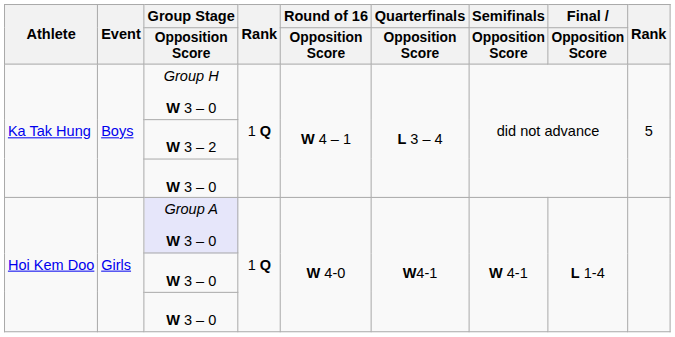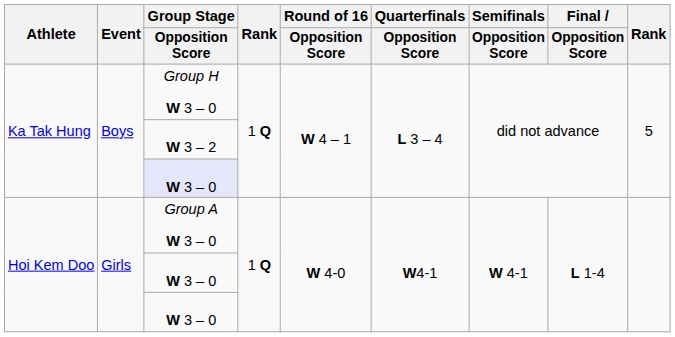 <table class=wikitable style="font-size:90%">
 <tr>
 <th rowspan="2">Athlete</th>
 <th rowspan="2">Event</th>
 <th>Group Stage</th>
 <th rowspan="2">Rank</th>
 <th>Round of 16</th>
 <th>Quarterfinals</th>
 <th>Semifinals</th>
 <th>Final / </th>
 <th rowspan=2>Rank</th>
 </tr>
 <tr style="font-size:95%">
 <th>Opposition<br>Score</th>
 <th>Opposition<br>Score</th>
 <th>Opposition<br>Score</th>
 <th>Opposition<br>Score</th>
 <th>Opposition<br>Score</th>
 </tr>
 <tr align=center>
 <td align=left rowspan=3><a href='#'>Ka Tak Hung</a></td>
 <td align=left rowspan=3><a href='#'>Boys</a></td>
 <td><em>Group H</em><br><br><strong>W</strong> 3 – 0</td>
 <td rowspan=3>1 <strong>Q</strong></td>
 <td rowspan=3><br><strong>W</strong> 4 – 1</td>
 <td rowspan=3><br><strong>L</strong> 3 – 4</td>
 <td rowspan=3 colspan=2>did not advance</td>
 <td rowspan=3>5</td>
 </tr>
 <tr align=center>
 <td><br><strong>W</strong> 3 – 2</td>
 </tr>
 <tr align=center>
-<td><br><strong>W</strong> 3 – 0</td>
+<td style="background: lavender;"><br><strong>W</strong> 3 – 0</td>
 </tr>
 <tr align=center>
 <td align=left rowspan=3><a href='#'>Hoi Kem Doo</a></td>
 <td align=left rowspan=3><a href='#'>Girls</a></td>
-<td style="background: lavender;"><em>Group A</em><br><br><strong>W</strong> 3 – 0</td>
+<td><em>Group A</em><br><br><strong>W</strong> 3 – 0</td>
 <td rowspan=3>1 <strong>Q</strong></td>
 <td rowspan=3><br><strong>W</strong> 4-0</td>
 <td rowspan=3><br><strong>W</strong>4-1</td>
 <td rowspan=3><br><strong>W</strong> 4-1</td>
 <td rowspan=3><br><strong>L</strong> 1-4</td>
 <td rowspan=3></td>
 </tr>
 <tr align=center>
 <td><br><strong>W</strong> 3 – 0</td>
 </tr>
 <tr align=center>
 <td><br><strong>W</strong> 3 – 0</td>
 </tr>
 </table>
